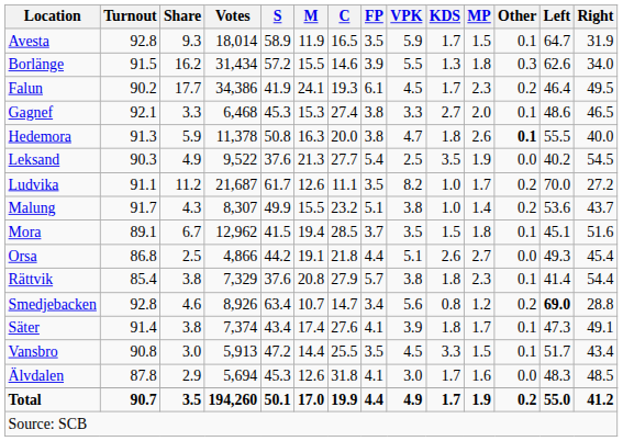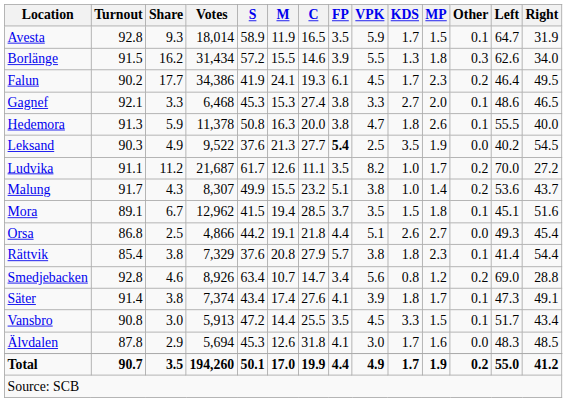 <table class="wikitable sortable" style=text-align:right>
 <tr>
 <th>Location</th>
 <th>Turnout</th>
 <th>Share</th>
 <th>Votes</th>
 <th><a href='#'>S</a></th>
 <th><a href='#'>M</a></th>
 <th><a href='#'>C</a></th>
 <th><a href='#'>FP</a></th>
 <th><a href='#'>VPK</a></th>
 <th><a href='#'>KDS</a></th>
 <th><a href='#'>MP</a></th>
 <th>Other</th>
 <th>Left</th>
 <th>Right</th>
 </tr>
 <tr>
 <td align=left><a href='#'>Avesta</a></td>
 <td>92.8</td>
 <td>9.3</td>
 <td>18,014</td>
 <td>58.9</td>
 <td>11.9</td>
 <td>16.5</td>
 <td>3.5</td>
 <td>5.9</td>
 <td>1.7</td>
 <td>1.5</td>
 <td>0.1</td>
 <td>64.7</td>
 <td>31.9</td>
 </tr>
 <tr>
 <td align=left><a href='#'>Borlänge</a></td>
 <td>91.5</td>
 <td>16.2</td>
 <td>31,434</td>
 <td>57.2</td>
 <td>15.5</td>
 <td>14.6</td>
 <td>3.9</td>
 <td>5.5</td>
 <td>1.3</td>
 <td>1.8</td>
 <td>0.3</td>
 <td>62.6</td>
 <td>34.0</td>
 </tr>
 <tr>
 <td align=left><a href='#'>Falun</a></td>
 <td>90.2</td>
 <td>17.7</td>
 <td>34,386</td>
 <td>41.9</td>
 <td>24.1</td>
 <td>19.3</td>
 <td>6.1</td>
 <td>4.5</td>
 <td>1.7</td>
 <td>2.3</td>
 <td>0.2</td>
 <td>46.4</td>
 <td>49.5</td>
 </tr>
 <tr>
 <td align=left><a href='#'>Gagnef</a></td>
 <td>92.1</td>
 <td>3.3</td>
 <td>6,468</td>
 <td>45.3</td>
 <td>15.3</td>
 <td>27.4</td>
 <td>3.8</td>
 <td>3.3</td>
 <td>2.7</td>
 <td>2.0</td>
 <td>0.1</td>
 <td>48.6</td>
 <td>46.5</td>
 </tr>
 <tr>
 <td align=left><a href='#'>Hedemora</a></td>
 <td>91.3</td>
 <td>5.9</td>
 <td>11,378</td>
 <td>50.8</td>
 <td>16.3</td>
 <td>20.0</td>
 <td>3.8</td>
 <td>4.7</td>
 <td>1.8</td>
 <td>2.6</td>
-<td><strong>0.1</strong></td>
+<td>0.1</td>
 <td>55.5</td>
 <td>40.0</td>
 </tr>
 <tr>
 <td align=left><a href='#'>Leksand</a></td>
 <td>90.3</td>
 <td>4.9</td>
 <td>9,522</td>
 <td>37.6</td>
 <td>21.3</td>
 <td>27.7</td>
-<td>5.4</td>
+<td><strong>5.4</strong></td>
 <td>2.5</td>
 <td>3.5</td>
 <td>1.9</td>
 <td>0.0</td>
 <td>40.2</td>
 <td>54.5</td>
 </tr>
 <tr>
 <td align=left><a href='#'>Ludvika</a></td>
 <td>91.1</td>
 <td>11.2</td>
 <td>21,687</td>
 <td>61.7</td>
 <td>12.6</td>
 <td>11.1</td>
 <td>3.5</td>
 <td>8.2</td>
 <td>1.0</td>
 <td>1.7</td>
 <td>0.2</td>
 <td>70.0</td>
 <td>27.2</td>
 </tr>
 <tr>
 <td align=left><a href='#'>Malung</a></td>
 <td>91.7</td>
 <td>4.3</td>
 <td>8,307</td>
 <td>49.9</td>
 <td>15.5</td>
 <td>23.2</td>
 <td>5.1</td>
 <td>3.8</td>
 <td>1.0</td>
 <td>1.4</td>
 <td>0.2</td>
 <td>53.6</td>
 <td>43.7</td>
 </tr>
 <tr>
 <td align=left><a href='#'>Mora</a></td>
 <td>89.1</td>
 <td>6.7</td>
 <td>12,962</td>
 <td>41.5</td>
 <td>19.4</td>
 <td>28.5</td>
 <td>3.7</td>
 <td>3.5</td>
 <td>1.5</td>
 <td>1.8</td>
 <td>0.1</td>
 <td>45.1</td>
 <td>51.6</td>
 </tr>
 <tr>
 <td align=left><a href='#'>Orsa</a></td>
 <td>86.8</td>
 <td>2.5</td>
 <td>4,866</td>
 <td>44.2</td>
 <td>19.1</td>
 <td>21.8</td>
 <td>4.4</td>
 <td>5.1</td>
 <td>2.6</td>
 <td>2.7</td>
 <td>0.0</td>
 <td>49.3</td>
 <td>45.4</td>
 </tr>
 <tr>
 <td align=left><a href='#'>Rättvik</a></td>
 <td>85.4</td>
 <td>3.8</td>
 <td>7,329</td>
 <td>37.6</td>
 <td>20.8</td>
 <td>27.9</td>
 <td>5.7</td>
 <td>3.8</td>
 <td>1.8</td>
 <td>2.3</td>
 <td>0.1</td>
 <td>41.4</td>
 <td>54.4</td>
 </tr>
 <tr>
 <td align=left><a href='#'>Smedjebacken</a></td>
 <td>92.8</td>
 <td>4.6</td>
 <td>8,926</td>
 <td>63.4</td>
 <td>10.7</td>
 <td>14.7</td>
 <td>3.4</td>
 <td>5.6</td>
 <td>0.8</td>
 <td>1.2</td>
 <td>0.2</td>
-<td><strong>69.0</strong></td>
+<td>69.0</td>
 <td>28.8</td>
 </tr>
 <tr>
 <td align=left><a href='#'>Säter</a></td>
 <td>91.4</td>
 <td>3.8</td>
 <td>7,374</td>
 <td>43.4</td>
 <td>17.4</td>
 <td>27.6</td>
 <td>4.1</td>
 <td>3.9</td>
 <td>1.8</td>
 <td>1.7</td>
 <td>0.1</td>
 <td>47.3</td>
 <td>49.1</td>
 </tr>
 <tr>
 <td align=left><a href='#'>Vansbro</a></td>
 <td>90.8</td>
 <td>3.0</td>
 <td>5,913</td>
 <td>47.2</td>
 <td>14.4</td>
 <td>25.5</td>
 <td>3.5</td>
 <td>4.5</td>
 <td>3.3</td>
 <td>1.5</td>
 <td>0.1</td>
 <td>51.7</td>
 <td>43.4</td>
 </tr>
 <tr>
 <td align=left><a href='#'>Älvdalen</a></td>
 <td>87.8</td>
 <td>2.9</td>
 <td>5,694</td>
 <td>45.3</td>
 <td>12.6</td>
 <td>31.8</td>
 <td>4.1</td>
 <td>3.0</td>
 <td>1.7</td>
 <td>1.6</td>
 <td>0.0</td>
 <td>48.3</td>
 <td>48.5</td>
 </tr>
 <tr style="background:#CDCDCD;">
 </tr>
 <tr>
 <td align=left><strong>Total</strong></td>
 <td><strong>90.7</strong></td>
 <td><strong>3.5</strong></td>
 <td><strong>194,260</strong></td>
 <td><strong>50.1</strong></td>
 <td><strong>17.0</strong></td>
 <td><strong>19.9</strong></td>
 <td><strong>4.4</strong></td>
 <td><strong>4.9</strong></td>
 <td><strong>1.7</strong></td>
 <td><strong>1.9</strong></td>
 <td><strong>0.2</strong></td>
 <td><strong>55.0</strong></td>
 <td><strong>41.2</strong></td>
 </tr>
 <tr>
 <td align=left colspan=14>Source: SCB </td>
 </tr>
 </table>
